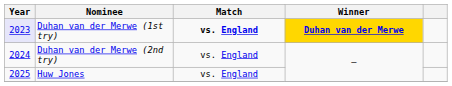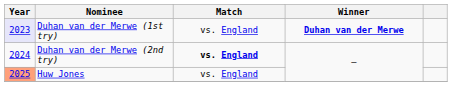 <table class="wikitable" style="text-align:center">
 <tr>
 <th width=40>Year</th>
 <th width=200>Nominee</th>
 <th width=160>Match</th>
 <th width=200>Winner</th>
 <th width=30></th>
 </tr>
 <tr>
 <td style="background: lavender;"><a href='#'>2023</a></td>
 <td align=left><a href='#'>Duhan van der Merwe</a> <em>(1st try)</em></td>
-<td><strong>vs. <a href='#'>England</a></strong></td>
-<td style="background: gold;"><strong><a href='#'>Duhan van der Merwe</a></strong></td>
+<td>vs. <a href='#'>England</a></td>
+<td><strong><a href='#'>Duhan van der Merwe</a></strong></td>
 <td></td>
 </tr>
 <tr>
 <td><a href='#'>2024</a></td>
 <td align=left><a href='#'>Duhan van der Merwe</a> <em>(2nd try)</em></td>
-<td>vs. <a href='#'>England</a></td>
+<td><strong>vs. <a href='#'>England</a></strong></td>
 <td rowspan=2>—</td>
 <td></td>
 </tr>
 <tr>
-<td><a href='#'>2025</a></td>
+<td style="background: lightsalmon;"><a href='#'>2025</a></td>
 <td align=left><a href='#'>Huw Jones</a></td>
 <td>vs. <a href='#'>England</a></td>
 <td></td>
 </tr>
 <tr>
 </tr>
 </table>
